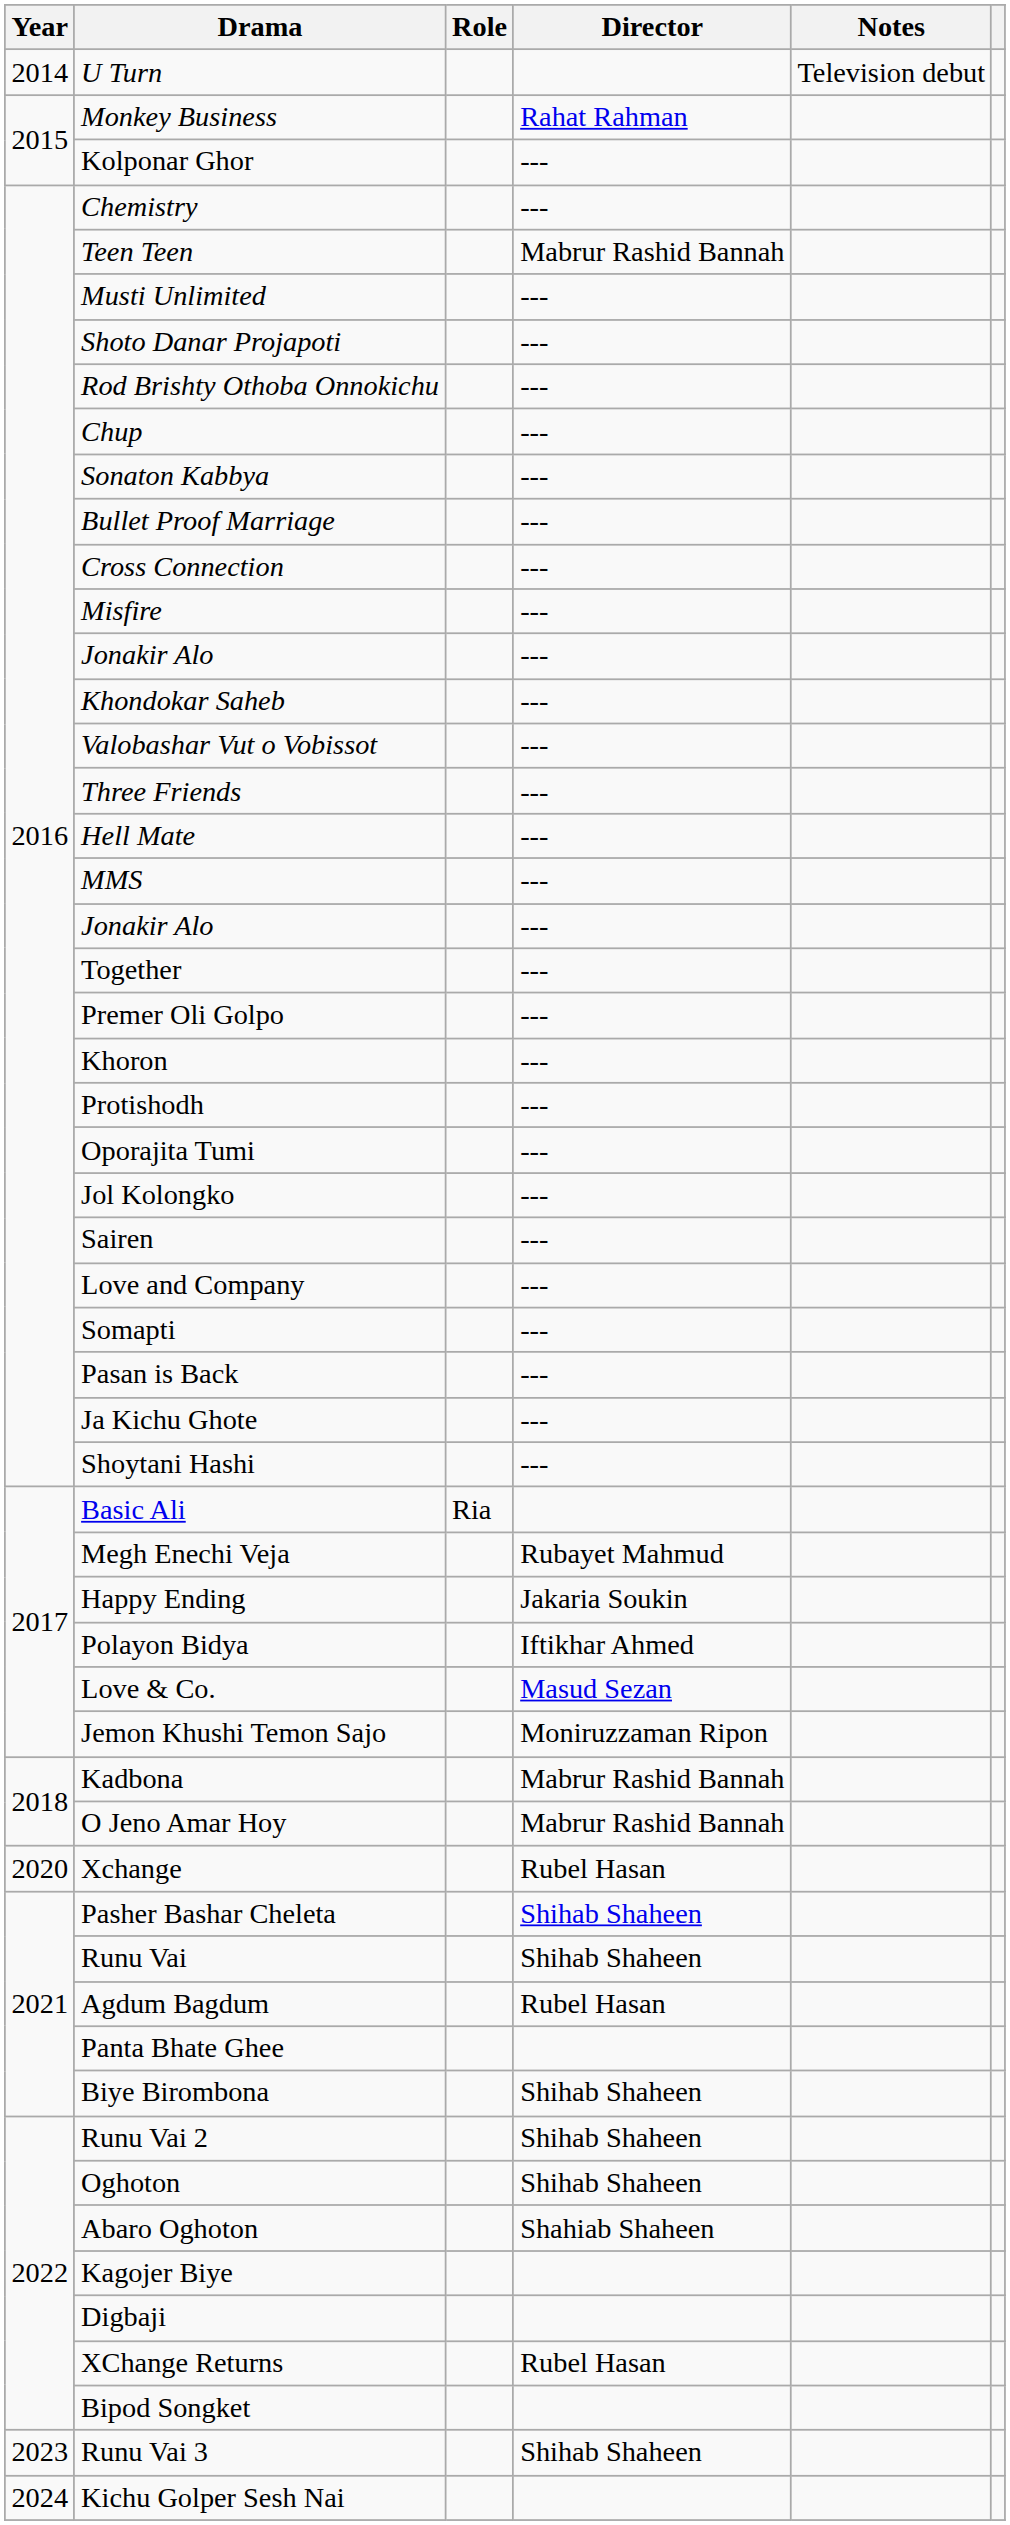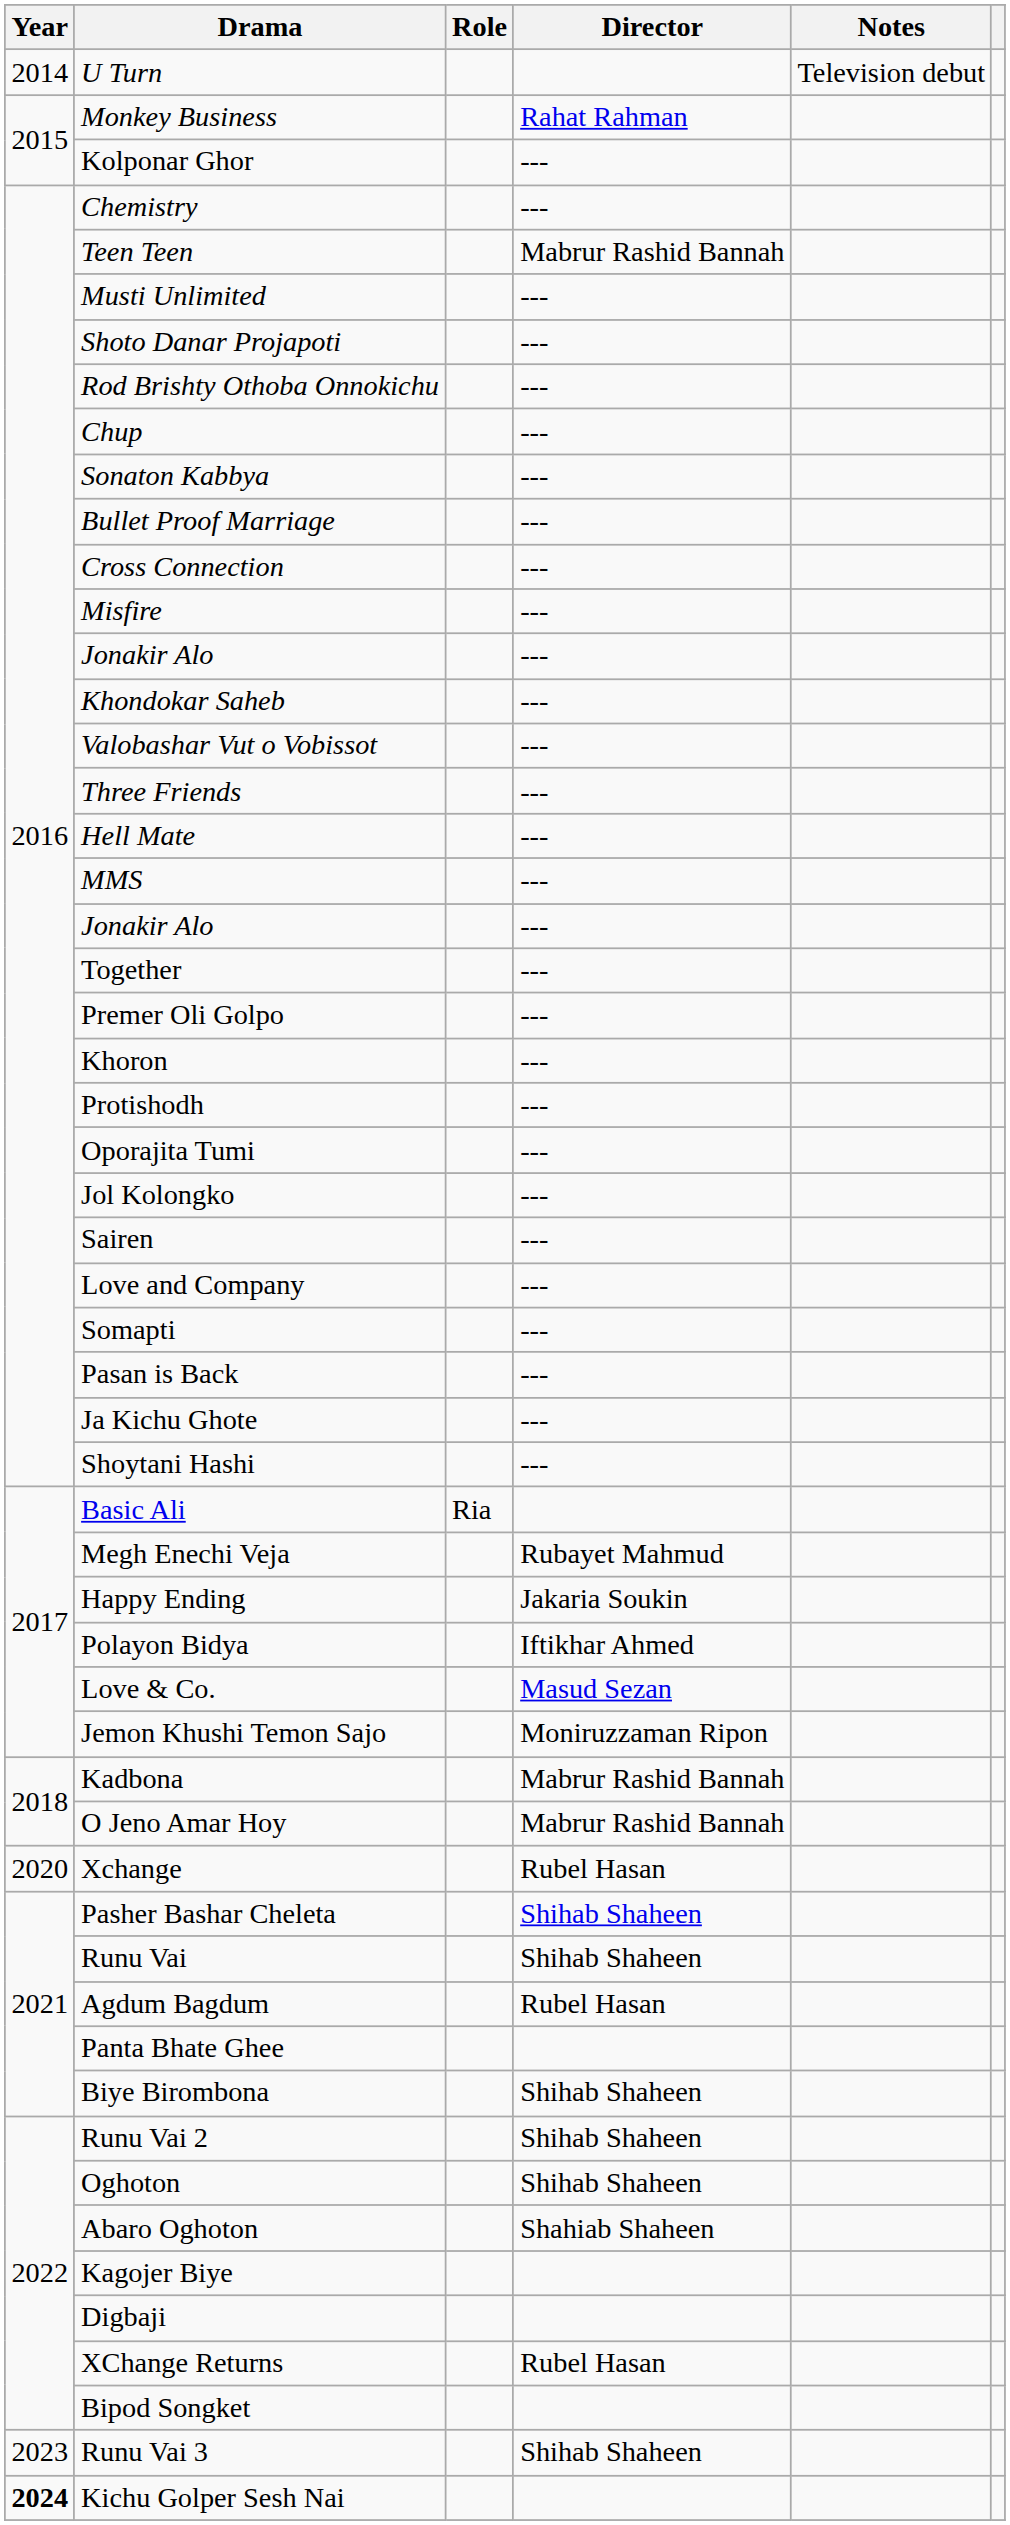 <table class="wikitable sortable plainrowheaders">
 <tr style="text-align:center;">
 <th scope="col">Year</th>
 <th scope="col">Drama</th>
 <th scope="col">Role</th>
 <th scope="col">Director</th>
 <th>Notes</th>
 <th scope="col"></th>
 </tr>
 <tr>
 <td>2014</td>
 <td><em>U Turn</em></td>
 <td></td>
 <td></td>
 <td>Television debut</td>
 <td></td>
 </tr>
 <tr>
 <td rowspan="2">2015</td>
 <td><em>Monkey Business</em></td>
 <td></td>
 <td><a href='#'>Rahat Rahman</a></td>
 <td></td>
 <td></td>
 </tr>
 <tr .>
 <td>Kolponar Ghor</td>
 <td></td>
 <td>---</td>
 <td></td>
 <td></td>
 </tr>
 <tr>
 <td rowspan="29">2016</td>
 <td><em>Chemistry</em></td>
 <td></td>
 <td>---</td>
 <td></td>
 <td></td>
 </tr>
 <tr>
 <td><em>Teen Teen</em></td>
 <td></td>
 <td>Mabrur Rashid Bannah</td>
 <td></td>
 <td></td>
 </tr>
 <tr>
 <td><em>Musti Unlimited</em></td>
 <td></td>
 <td>---</td>
 <td></td>
 <td></td>
 </tr>
 <tr>
 <td><em>Shoto Danar Projapoti</em></td>
 <td></td>
 <td>---</td>
 <td></td>
 <td></td>
 </tr>
 <tr>
 <td><em>Rod Brishty Othoba Onnokichu</em></td>
 <td></td>
 <td>---</td>
 <td></td>
 <td></td>
 </tr>
 <tr>
 <td><em>Chup</em></td>
 <td></td>
 <td>---</td>
 <td></td>
 <td></td>
 </tr>
 <tr>
 <td><em>Sonaton Kabbya</em></td>
 <td></td>
 <td>---</td>
 <td></td>
 <td></td>
 </tr>
 <tr>
 <td><em>Bullet Proof Marriage</em></td>
 <td></td>
 <td>---</td>
 <td></td>
 <td></td>
 </tr>
 <tr>
 <td><em>Cross Connection</em></td>
 <td></td>
 <td>---</td>
 <td></td>
 <td></td>
 </tr>
 <tr>
 <td><em>Misfire</em></td>
 <td></td>
 <td>---</td>
 <td></td>
 <td></td>
 </tr>
 <tr>
 <td><em>Jonakir Alo</em></td>
 <td></td>
 <td>---</td>
 <td></td>
 <td></td>
 </tr>
 <tr>
 <td><em>Khondokar Saheb</em></td>
 <td></td>
 <td>---</td>
 <td></td>
 <td></td>
 </tr>
 <tr>
 <td><em>Valobashar Vut o Vobissot</em></td>
 <td></td>
 <td>---</td>
 <td></td>
 <td></td>
 </tr>
 <tr>
 <td><em>Three Friends</em></td>
 <td></td>
 <td>---</td>
 <td></td>
 <td></td>
 </tr>
 <tr>
 <td><em>Hell Mate</em></td>
 <td></td>
 <td>---</td>
 <td></td>
 <td></td>
 </tr>
 <tr>
 <td><em>MMS</em></td>
 <td></td>
 <td>---</td>
 <td></td>
 <td></td>
 </tr>
 <tr>
 <td><em>Jonakir Alo</em></td>
 <td></td>
 <td>---</td>
 <td></td>
 <td></td>
 </tr>
 <tr>
 <td>Together<em></td>
 <td></td>
 <td>---</td>
 <td></td>
 <td></td>
 </tr>
 <tr>
 <td></em>Premer Oli Golpo<em></td>
 <td></td>
 <td>---</td>
 <td></td>
 <td></td>
 </tr>
 <tr>
 <td></em>Khoron<em></td>
 <td></td>
 <td>---</td>
 <td></td>
 <td></td>
 </tr>
 <tr>
 <td></em>Protishodh<em></td>
 <td></td>
 <td>---</td>
 <td></td>
 <td></td>
 </tr>
 <tr>
 <td></em>Oporajita Tumi<em></td>
 <td></td>
 <td>---</td>
 <td></td>
 <td></td>
 </tr>
 <tr>
 <td></em>Jol Kolongko<em></td>
 <td></td>
 <td>---</td>
 <td></td>
 <td></td>
 </tr>
 <tr>
 <td></em>Sairen<em></td>
 <td></td>
 <td>---</td>
 <td></td>
 <td></td>
 </tr>
 <tr>
 <td></em>Love and Company<em></td>
 <td></td>
 <td>---</td>
 <td></td>
 <td></td>
 </tr>
 <tr>
 <td></em>Somapti<em></td>
 <td></td>
 <td>---</td>
 <td></td>
 <td></td>
 </tr>
 <tr>
 <td></em>Pasan is Back<em></td>
 <td></td>
 <td>---</td>
 <td></td>
 <td></td>
 </tr>
 <tr>
 <td></em>Ja Kichu Ghote<em></td>
 <td></td>
 <td>---</td>
 <td></td>
 <td></td>
 </tr>
 <tr>
 <td></em>Shoytani Hashi<em></td>
 <td></td>
 <td>---</td>
 <td></td>
 <td></td>
 </tr>
 <tr>
 <td rowspan="6">2017</td>
 <td></em><a href='#'>Basic Ali</a><em></td>
 <td>Ria</td>
 <td></td>
 <td></td>
 <td></td>
 </tr>
 <tr>
 <td>Megh Enechi Veja</td>
 <td></td>
 <td>Rubayet Mahmud</td>
 <td></td>
 <td></td>
 </tr>
 <tr>
 <td>Happy Ending</td>
 <td></td>
 <td>Jakaria Soukin</td>
 <td></td>
 <td></td>
 </tr>
 <tr>
 <td>Polayon Bidya</td>
 <td></td>
 <td>Iftikhar Ahmed</td>
 <td></td>
 <td></td>
 </tr>
 <tr>
 <td>Love & Co.</td>
 <td></td>
 <td><a href='#'>Masud Sezan</a></td>
 <td></td>
 <td></td>
 </tr>
 <tr>
 <td>Jemon Khushi Temon Sajo</td>
 <td></td>
 <td>Moniruzzaman Ripon</td>
 <td></td>
 <td></td>
 </tr>
 <tr>
 <td rowspan="2">2018</td>
 <td>Kadbona</td>
 <td></td>
 <td>Mabrur Rashid Bannah</td>
 <td></td>
 <td></td>
 </tr>
 <tr>
 <td>O Jeno Amar Hoy</td>
 <td></td>
 <td>Mabrur Rashid Bannah</td>
 <td></td>
 <td></td>
 </tr>
 <tr>
 <td>2020</td>
 <td>Xchange</td>
 <td></td>
 <td>Rubel Hasan</td>
 <td></td>
 <td></td>
 </tr>
 <tr>
 <td rowspan="5">2021</td>
 <td>Pasher Bashar Cheleta</td>
 <td></td>
 <td><a href='#'>Shihab Shaheen</a></td>
 <td></td>
 <td></td>
 </tr>
 <tr>
 <td>Runu Vai</td>
 <td></td>
 <td>Shihab Shaheen</td>
 <td></td>
 <td></td>
 </tr>
 <tr>
 <td>Agdum Bagdum</td>
 <td></td>
 <td>Rubel Hasan</td>
 <td></td>
 <td></td>
 </tr>
 <tr>
 <td>Panta Bhate Ghee</td>
 <td></td>
 <td></td>
 <td></td>
 <td></td>
 </tr>
 <tr>
 <td>Biye Birombona</td>
 <td></td>
 <td>Shihab Shaheen</td>
 <td></td>
 <td></td>
 </tr>
 <tr>
 <td rowspan="7">2022</td>
 <td>Runu Vai 2</td>
 <td></td>
 <td>Shihab Shaheen</td>
 <td></td>
 <td></td>
 </tr>
 <tr>
 <td>Oghoton</td>
 <td></td>
 <td>Shihab Shaheen</td>
 <td></td>
 <td></td>
 </tr>
 <tr>
 <td>Abaro Oghoton</td>
 <td></td>
 <td>Shahiab Shaheen</td>
 <td></td>
 <td></td>
 </tr>
 <tr>
 <td>Kagojer Biye</td>
 <td></td>
 <td></td>
 <td></td>
 <td></td>
 </tr>
 <tr>
 <td>Digbaji</td>
 <td></td>
 <td></td>
 <td></td>
 <td></td>
 </tr>
 <tr>
 <td>XChange Returns</td>
 <td></td>
 <td>Rubel Hasan</td>
 <td></td>
 <td></td>
 </tr>
 <tr>
 <td>Bipod Songket</td>
 <td></td>
 <td></td>
 <td></td>
 <td></td>
 </tr>
 <tr>
 <td>2023</td>
 <td>Runu Vai 3</td>
 <td></td>
 <td>Shihab Shaheen</td>
 <td></td>
 <td></td>
 </tr>
 <tr>
-<td>2024</td>
+<td><strong>2024</strong></td>
 <td>Kichu Golper Sesh Nai</td>
 <td></td>
 <td></td>
 <td></td>
 <td></td>
 </tr>
 </table>
